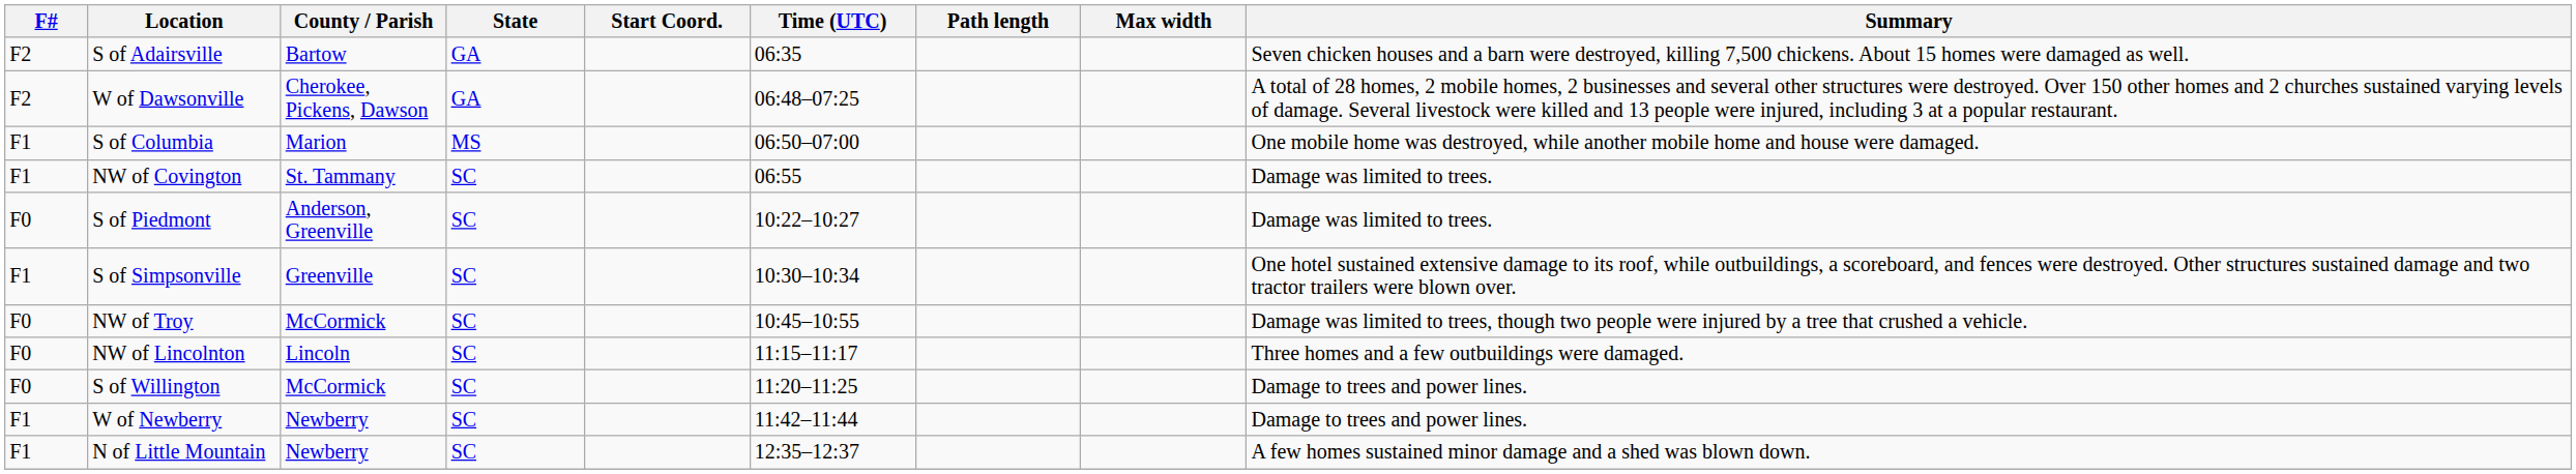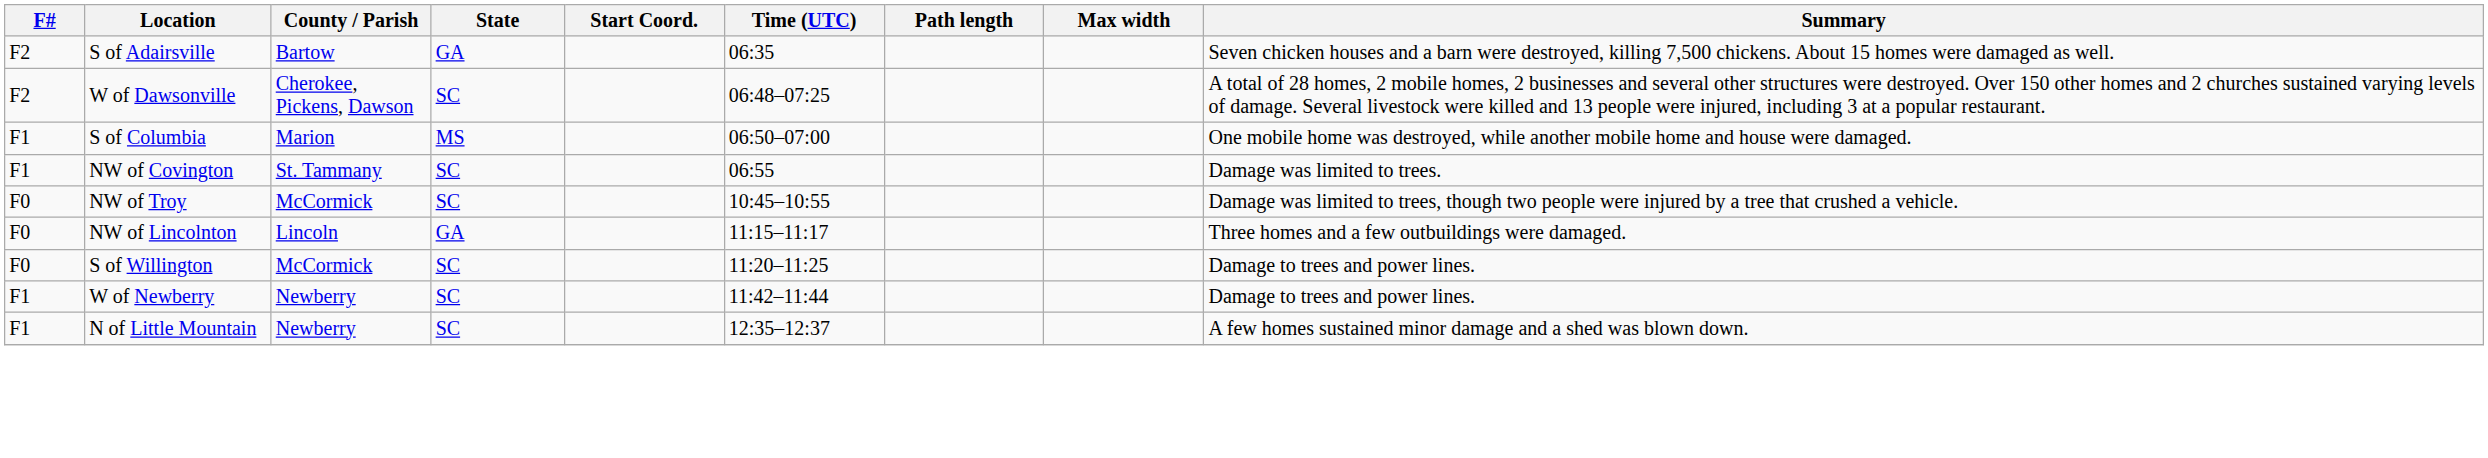 <table class="wikitable sortable" style="width:100%;">
 <tr>
 <th scope="col"  style="width:3%; text-align:center;"><a href='#'>F#</a></th>
 <th scope="col"  style="width:7%; text-align:center;" class="unsortable">Location</th>
 <th scope="col"  style="width:6%; text-align:center;" class="unsortable">County / Parish</th>
 <th scope="col"  style="width:5%; text-align:center;">State</th>
 <th scope="col"  style="width:6%; text-align:center;">Start Coord.</th>
 <th scope="col"  style="width:6%; text-align:center;">Time (<a href='#'>UTC</a>)</th>
 <th scope="col"  style="width:6%; text-align:center;">Path length</th>
 <th scope="col"  style="width:6%; text-align:center;">Max width</th>
 <th scope="col" class="unsortable" style="width:48%; text-align:center;">Summary</th>
 </tr>
 <tr>
 <td>F2</td>
 <td>S of <a href='#'>Adairsville</a></td>
 <td><a href='#'>Bartow</a></td>
 <td><a href='#'>GA</a></td>
 <td></td>
 <td>06:35</td>
 <td></td>
 <td></td>
 <td>Seven chicken houses and a barn were destroyed, killing 7,500 chickens. About 15 homes were damaged as well.</td>
 </tr>
 <tr>
 <td>F2</td>
 <td>W of <a href='#'>Dawsonville</a></td>
 <td><a href='#'>Cherokee</a>, <a href='#'>Pickens</a>, <a href='#'>Dawson</a></td>
-<td><a href='#'>GA</a></td>
+<td><a href='#'>SC</a></td>
 <td></td>
 <td>06:48–07:25</td>
 <td></td>
 <td></td>
 <td>A total of 28 homes, 2 mobile homes, 2 businesses and several other structures were destroyed. Over 150 other homes and 2 churches sustained varying levels of damage. Several livestock were killed and 13 people were injured, including 3 at a popular restaurant.</td>
 </tr>
 <tr>
 <td>F1</td>
 <td>S of <a href='#'>Columbia</a></td>
 <td><a href='#'>Marion</a></td>
 <td><a href='#'>MS</a></td>
 <td></td>
 <td>06:50–07:00</td>
 <td></td>
 <td></td>
 <td>One mobile home was destroyed, while another mobile home and house were damaged.</td>
 </tr>
 <tr>
 <td>F1</td>
 <td>NW of <a href='#'>Covington</a></td>
 <td><a href='#'>St. Tammany</a></td>
 <td><a href='#'>SC</a></td>
 <td></td>
 <td>06:55</td>
 <td></td>
 <td></td>
 <td>Damage was limited to trees.</td>
 </tr>
 <tr>
 <td>F0</td>
-<td>S of <a href='#'>Piedmont</a></td>
-<td><a href='#'>Anderson</a>, <a href='#'>Greenville</a></td>
-<td><a href='#'>SC</a></td>
-<td></td>
-<td>10:22–10:27</td>
-<td></td>
-<td></td>
-<td>Damage was limited to trees.</td>
-</tr>
-<tr>
-<td>F1</td>
-<td>S of <a href='#'>Simpsonville</a></td>
-<td><a href='#'>Greenville</a></td>
-<td><a href='#'>SC</a></td>
-<td></td>
-<td>10:30–10:34</td>
-<td></td>
-<td></td>
-<td>One hotel sustained extensive damage to its roof, while outbuildings, a scoreboard, and fences were destroyed. Other structures sustained damage and two tractor trailers were blown over.</td>
-</tr>
-<tr>
-<td>F0</td>
 <td>NW of <a href='#'>Troy</a></td>
 <td><a href='#'>McCormick</a></td>
 <td><a href='#'>SC</a></td>
 <td></td>
 <td>10:45–10:55</td>
 <td></td>
 <td></td>
 <td>Damage was limited to trees, though two people were injured by a tree that crushed a vehicle.</td>
 </tr>
 <tr>
 <td>F0</td>
 <td>NW of <a href='#'>Lincolnton</a></td>
 <td><a href='#'>Lincoln</a></td>
-<td><a href='#'>SC</a></td>
+<td><a href='#'>GA</a></td>
 <td></td>
 <td>11:15–11:17</td>
 <td></td>
 <td></td>
 <td>Three homes and a few outbuildings were damaged.</td>
 </tr>
 <tr>
 <td>F0</td>
 <td>S of <a href='#'>Willington</a></td>
 <td><a href='#'>McCormick</a></td>
 <td><a href='#'>SC</a></td>
 <td></td>
 <td>11:20–11:25</td>
 <td></td>
 <td></td>
 <td>Damage to trees and power lines.</td>
 </tr>
 <tr>
 <td>F1</td>
 <td>W of <a href='#'>Newberry</a></td>
 <td><a href='#'>Newberry</a></td>
 <td><a href='#'>SC</a></td>
 <td></td>
 <td>11:42–11:44</td>
 <td></td>
 <td></td>
 <td>Damage to trees and power lines.</td>
 </tr>
 <tr>
 <td>F1</td>
 <td>N of <a href='#'>Little Mountain</a></td>
 <td><a href='#'>Newberry</a></td>
 <td><a href='#'>SC</a></td>
 <td></td>
 <td>12:35–12:37</td>
 <td></td>
 <td></td>
 <td>A few homes sustained minor damage and a shed was blown down.</td>
 </tr>
 <tr>
 </tr>
 </table>
